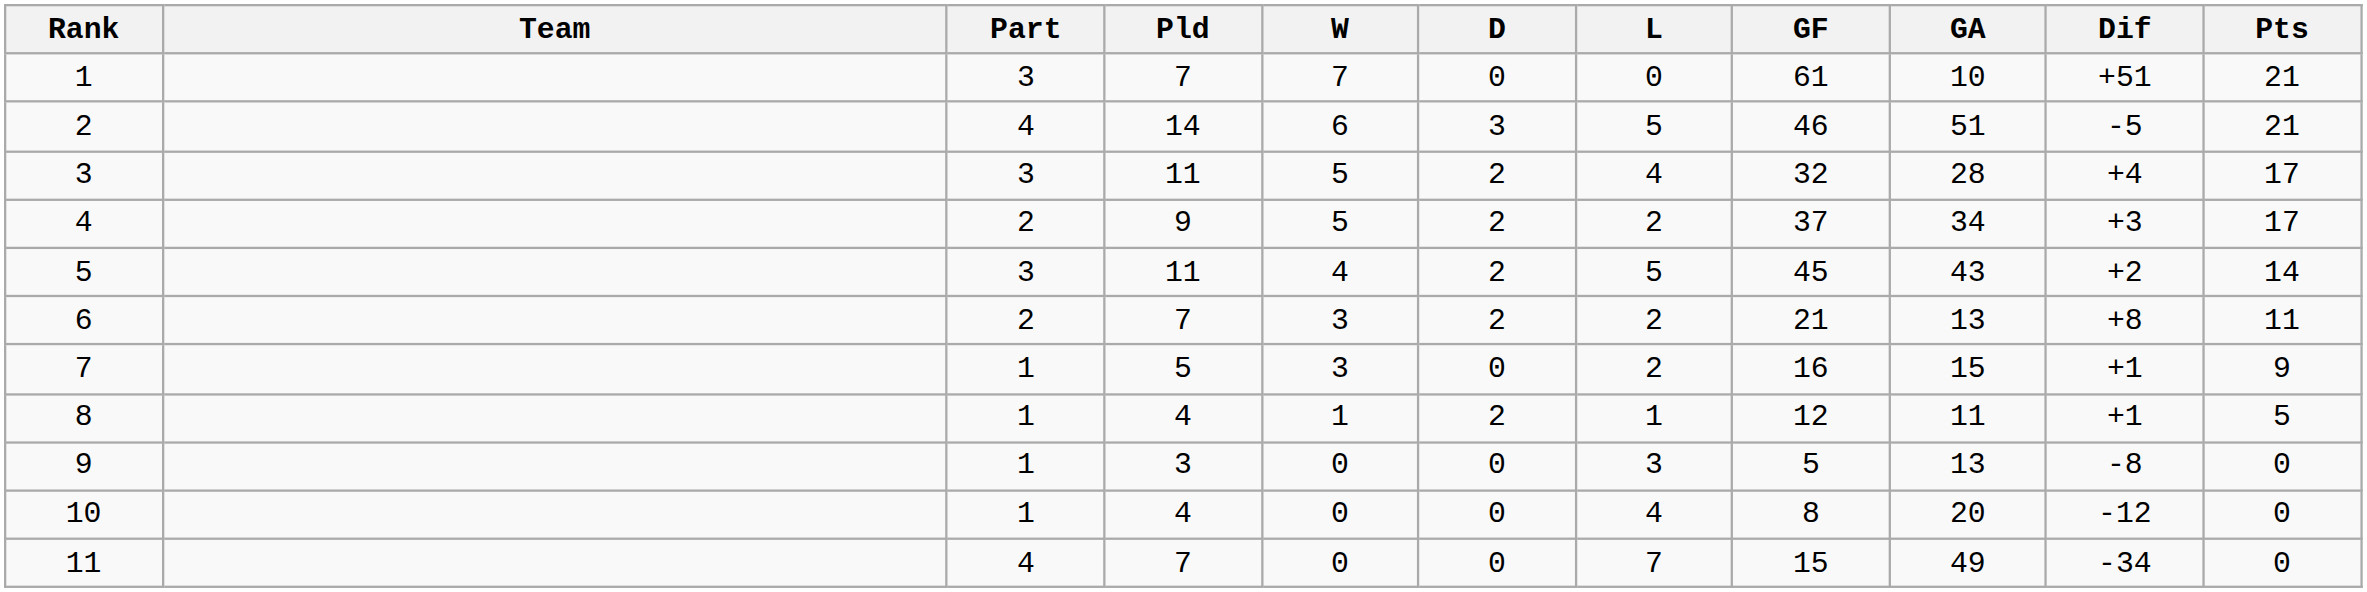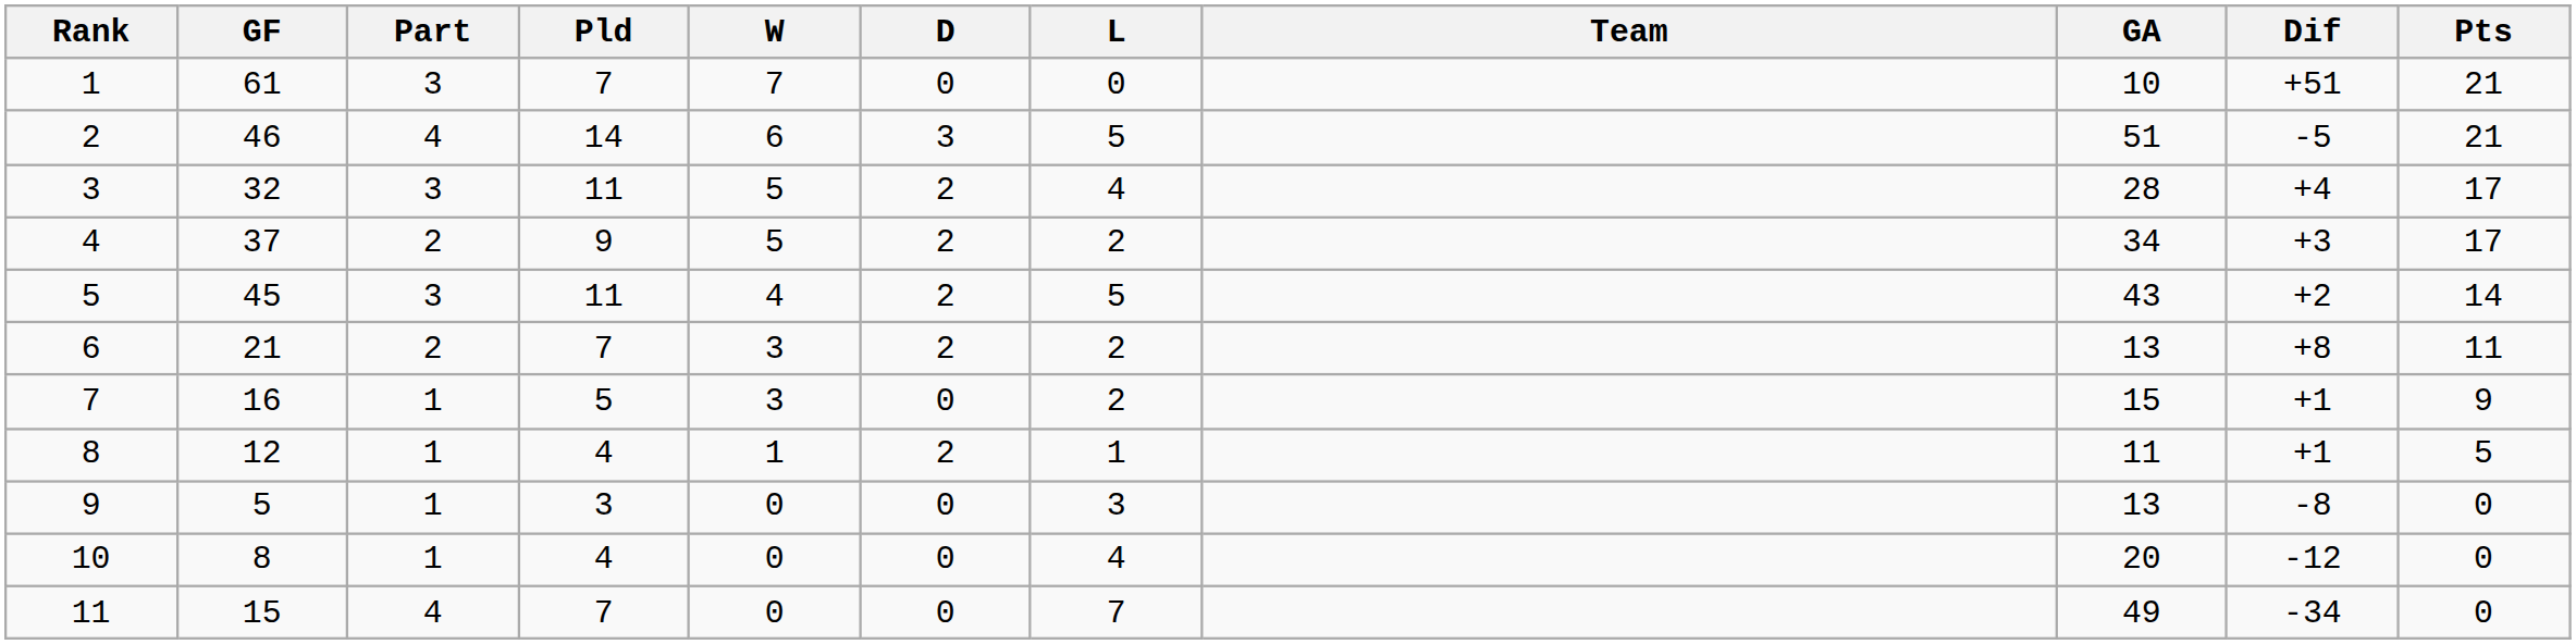 <table class="wikitable sortable" width=65% style="text-align:center">
 <tr>
 <th width=5%>Rank</th>
-<th width=25%>Team</th>
+<th width=5%>GF</th>
 <th width=5%>Part</th>
 <th width=5%>Pld</th>
 <th width=5%>W</th>
 <th width=5%>D</th>
 <th width=5%>L</th>
-<th width=5%>GF</th>
+<th width=25%>Team</th>
 <th width=5%>GA</th>
 <th width=5%>Dif</th>
 <th width=5%>Pts</th>
 </tr>
 <tr>
 <td>1</td>
-<td style="text-align:left;"></td>
+<td>61</td>
 <td>3</td>
 <td>7</td>
 <td>7</td>
 <td>0</td>
 <td>0</td>
-<td>61</td>
+<td style="text-align:left;"></td>
 <td>10</td>
 <td>+51</td>
 <td>21</td>
 </tr>
 <tr>
 <td>2</td>
-<td style="text-align:left;"></td>
+<td>46</td>
 <td>4</td>
 <td>14</td>
 <td>6</td>
 <td>3</td>
 <td>5</td>
-<td>46</td>
+<td style="text-align:left;"></td>
 <td>51</td>
 <td>-5</td>
 <td>21</td>
 </tr>
 <tr>
 <td>3</td>
-<td style="text-align:left;"></td>
+<td>32</td>
 <td>3</td>
 <td>11</td>
 <td>5</td>
 <td>2</td>
 <td>4</td>
-<td>32</td>
+<td style="text-align:left;"></td>
 <td>28</td>
 <td>+4</td>
 <td>17</td>
 </tr>
 <tr>
 <td>4</td>
-<td style="text-align:left;"></td>
+<td>37</td>
 <td>2</td>
 <td>9</td>
 <td>5</td>
 <td>2</td>
 <td>2</td>
-<td>37</td>
+<td style="text-align:left;"></td>
 <td>34</td>
 <td>+3</td>
 <td>17</td>
 </tr>
 <tr>
 <td>5</td>
-<td style="text-align:left;"></td>
+<td>45</td>
 <td>3</td>
 <td>11</td>
 <td>4</td>
 <td>2</td>
 <td>5</td>
-<td>45</td>
+<td style="text-align:left;"></td>
 <td>43</td>
 <td>+2</td>
 <td>14</td>
 </tr>
 <tr>
 <td>6</td>
-<td style="text-align:left;"></td>
+<td>21</td>
 <td>2</td>
 <td>7</td>
 <td>3</td>
 <td>2</td>
 <td>2</td>
-<td>21</td>
+<td style="text-align:left;"></td>
 <td>13</td>
 <td>+8</td>
 <td>11</td>
 </tr>
 <tr>
 <td>7</td>
-<td style="text-align:left;"></td>
+<td>16</td>
 <td>1</td>
 <td>5</td>
 <td>3</td>
 <td>0</td>
 <td>2</td>
-<td>16</td>
+<td style="text-align:left;"></td>
 <td>15</td>
 <td>+1</td>
 <td>9</td>
 </tr>
 <tr>
 <td>8</td>
-<td style="text-align:left;"></td>
+<td>12</td>
 <td>1</td>
 <td>4</td>
 <td>1</td>
 <td>2</td>
 <td>1</td>
-<td>12</td>
+<td style="text-align:left;"></td>
 <td>11</td>
 <td>+1</td>
 <td>5</td>
 </tr>
 <tr>
 <td>9</td>
-<td style="text-align:left;"></td>
+<td>5</td>
 <td>1</td>
 <td>3</td>
 <td>0</td>
 <td>0</td>
 <td>3</td>
-<td>5</td>
+<td style="text-align:left;"></td>
 <td>13</td>
 <td>-8</td>
 <td>0</td>
 </tr>
 <tr>
 <td>10</td>
-<td style="text-align:left;"></td>
+<td>8</td>
 <td>1</td>
 <td>4</td>
 <td>0</td>
 <td>0</td>
 <td>4</td>
-<td>8</td>
+<td style="text-align:left;"></td>
 <td>20</td>
 <td>-12</td>
 <td>0</td>
 </tr>
 <tr>
 <td>11</td>
-<td style="text-align:left;"></td>
+<td>15</td>
 <td>4</td>
 <td>7</td>
 <td>0</td>
 <td>0</td>
 <td>7</td>
-<td>15</td>
+<td style="text-align:left;"></td>
 <td>49</td>
 <td>-34</td>
 <td>0</td>
 </tr>
 </table>
